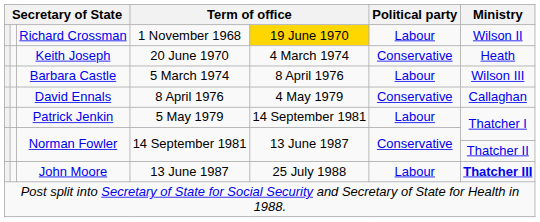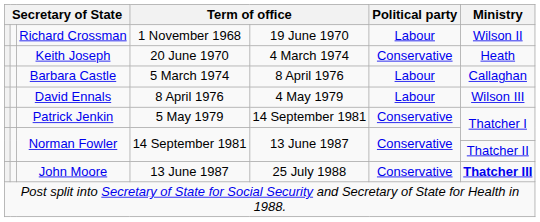 <table class="wikitable" style="text-align:center">
 <tr>
 <th colspan=3>Secretary of State</th>
 <th colspan=2>Term of office</th>
 <th>Political party</th>
 <th colspan=2>Ministry</th>
 </tr>
 <tr style="height:1em">
 <th style="background-color:"></th>
 <td></td>
 <td><a href='#'>Richard Crossman</a><br></td>
 <td>1 November 1968</td>
-<td style="background: gold;">19 June 1970</td>
+<td>19 June 1970</td>
 <td><a href='#'>Labour</a></td>
 <td><a href='#'>Wilson II</a></td>
 </tr>
 <tr style="height:1em">
 <th style="background-color:"></th>
 <td></td>
 <td><a href='#'>Keith Joseph</a><br></td>
 <td>20 June 1970</td>
 <td>4 March 1974</td>
 <td><a href='#'>Conservative</a></td>
 <td><a href='#'>Heath</a></td>
 </tr>
 <tr style="height:1em">
 <th style="background-color:"></th>
 <td></td>
 <td><a href='#'>Barbara Castle</a><br></td>
 <td>5 March 1974</td>
 <td>8 April 1976</td>
 <td><a href='#'>Labour</a></td>
-<td><a href='#'>Wilson III</a></td>
+<td><a href='#'>Callaghan</a></td>
 </tr>
 <tr style="height:1em">
 <th style="background-color:"></th>
 <td></td>
 <td><a href='#'>David Ennals</a><br></td>
 <td>8 April 1976</td>
 <td>4 May 1979</td>
-<td><a href='#'>Conservative</a></td>
-<td><a href='#'>Callaghan</a></td>
+<td><a href='#'>Labour</a></td>
+<td><a href='#'>Wilson III</a></td>
 </tr>
 <tr style="height:1em">
 <th style="background-color:"></th>
 <td></td>
 <td><a href='#'>Patrick Jenkin</a><br></td>
 <td>5 May 1979</td>
 <td>14 September 1981</td>
-<td><a href='#'>Labour</a></td>
+<td><a href='#'>Conservative</a></td>
 <td rowspan=2 ><a href='#'>Thatcher I</a></td>
 </tr>
 <tr style="height:1em">
 <th rowspan=2 style="background-color:"></th>
 <td rowspan=2></td>
 <td rowspan=2><a href='#'>Norman Fowler</a><br></td>
 <td rowspan=2>14 September 1981</td>
 <td rowspan=2>13 June 1987</td>
 <td rowspan=2><a href='#'>Conservative</a></td>
 </tr>
 <tr>
 <td><a href='#'>Thatcher II</a></td>
 </tr>
 <tr style="height:1em">
 <th style="background-color:"></th>
 <td></td>
 <td><a href='#'>John Moore</a><br></td>
 <td>13 June 1987</td>
 <td>25 July 1988</td>
-<td><a href='#'>Labour</a></td>
+<td><a href='#'>Conservative</a></td>
 <td><strong><a href='#'>Thatcher III</a></strong></td>
 </tr>
 <tr>
 <td colspan=8 style="width:10px"><em>Post split into <a href='#'>Secretary of State for Social Security</a> and Secretary of State for Health in 1988.</em></td>
 </tr>
 </table>
